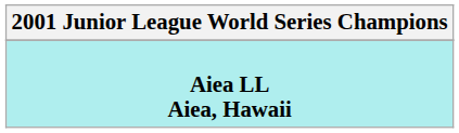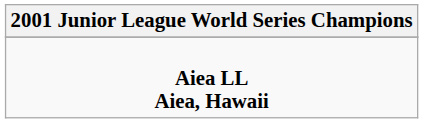 <table class="wikitable" style="text-align: center; margin: 0 auto;">
 <tr>
 <th>2001 Junior League World Series Champions</th>
 </tr>
 <tr>
 </tr>
 <tr>
-<td style="background: paleturquoise;"><br><strong>Aiea LL</strong><br><strong>Aiea, Hawaii</strong></td>
+<td><br><strong>Aiea LL</strong><br><strong>Aiea, Hawaii</strong></td>
 </tr>
 </table>
